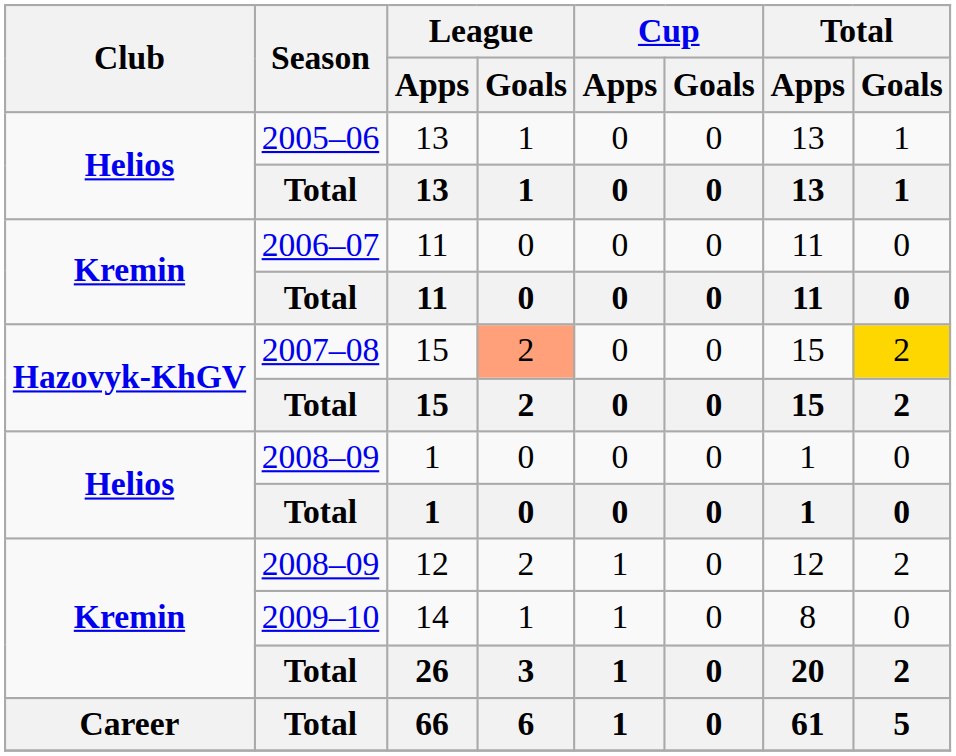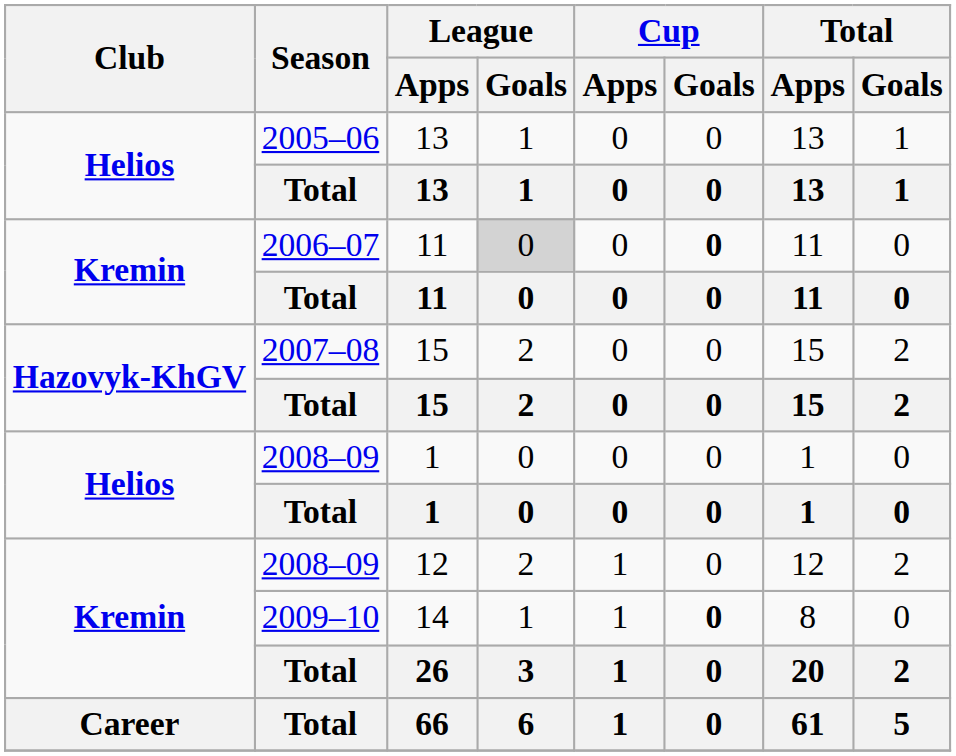 <table class="wikitable sortable" style="text-align: center;">
 <tr>
 <th rowspan="2">Club</th>
 <th rowspan="2">Season</th>
 <th colspan="2">League</th>
 <th colspan="2"><a href='#'>Cup</a></th>
 <th colspan="2">Total</th>
 </tr>
 <tr>
 <th>Apps</th>
 <th>Goals</th>
 <th>Apps</th>
 <th>Goals</th>
 <th>Apps</th>
 <th>Goals</th>
 </tr>
 <tr>
 <td rowspan="2"><strong><a href='#'>Helios</a></strong></td>
 <td><a href='#'>2005–06</a></td>
 <td>13</td>
 <td>1</td>
 <td>0</td>
 <td>0</td>
 <td>13</td>
 <td>1</td>
 </tr>
 <tr>
 <th>Total</th>
 <th>13</th>
 <th>1</th>
 <th>0</th>
 <th>0</th>
 <th>13</th>
 <th>1</th>
 </tr>
 <tr>
 <td rowspan="2"><strong><a href='#'>Kremin</a></strong></td>
 <td><a href='#'>2006–07</a></td>
 <td>11</td>
+<td style="background: lightgrey;">0</td>
 <td>0</td>
-<td>0</td>
-<td>0</td>
+<td><strong>0</strong></td>
 <td>11</td>
 <td>0</td>
 </tr>
 <tr>
 <th>Total</th>
 <th>11</th>
 <th>0</th>
 <th>0</th>
 <th>0</th>
 <th>11</th>
 <th>0</th>
 </tr>
 <tr>
 <td rowspan="2"><strong><a href='#'>Hazovyk-KhGV</a></strong></td>
 <td><a href='#'>2007–08</a></td>
 <td>15</td>
-<td style="background: lightsalmon;">2</td>
+<td>2</td>
 <td>0</td>
 <td>0</td>
 <td>15</td>
-<td style="background: gold;">2</td>
+<td>2</td>
 </tr>
 <tr>
 <th>Total</th>
 <th>15</th>
 <th>2</th>
 <th>0</th>
 <th>0</th>
 <th>15</th>
 <th>2</th>
 </tr>
 <tr>
 <td rowspan="2"><strong><a href='#'>Helios</a></strong></td>
 <td><a href='#'>2008–09</a></td>
 <td>1</td>
 <td>0</td>
 <td>0</td>
 <td>0</td>
 <td>1</td>
 <td>0</td>
 </tr>
 <tr>
 <th>Total</th>
 <th>1</th>
 <th>0</th>
 <th>0</th>
 <th>0</th>
 <th>1</th>
 <th>0</th>
 </tr>
 <tr>
 <td rowspan="3"><strong><a href='#'>Kremin</a></strong></td>
 <td><a href='#'>2008–09</a></td>
 <td>12</td>
 <td>2</td>
 <td>1</td>
 <td>0</td>
 <td>12</td>
 <td>2</td>
 </tr>
 <tr>
 <td><a href='#'>2009–10</a></td>
 <td>14</td>
 <td>1</td>
 <td>1</td>
-<td>0</td>
+<td><strong>0</strong></td>
 <td>8</td>
 <td>0</td>
 </tr>
 <tr>
 <th>Total</th>
 <th>26</th>
 <th>3</th>
 <th>1</th>
 <th>0</th>
 <th>20</th>
 <th>2</th>
 </tr>
 <tr>
 <th>Career</th>
 <th>Total</th>
 <th>66</th>
 <th>6</th>
 <th>1</th>
 <th>0</th>
 <th>61</th>
 <th>5</th>
 </tr>
 <tr>
 </tr>
 </table>
